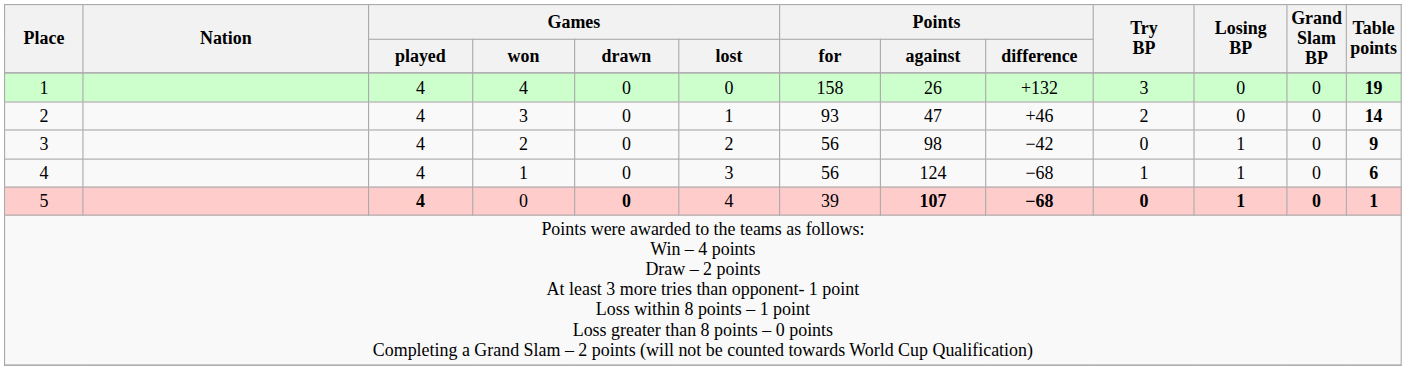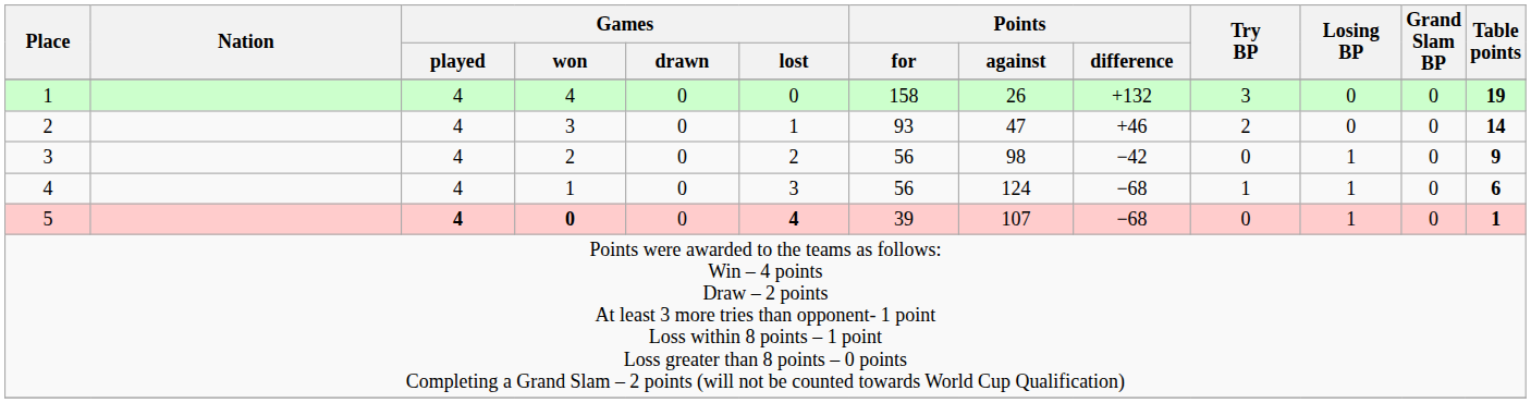 <table class="wikitable">
 <tr>
 <th rowspan=2 width="6%">Place</th>
 <th rowspan=2 width="23%">Nation</th>
 <th colspan=4 width="40%">Games</th>
 <th colspan=3 width="24%">Points</th>
 <th rowspan=2 width="8%">Try<br>BP</th>
 <th rowspan=2 width="8%">Losing<br>BP</th>
 <th rowspan=2 width="8%">Grand Slam<br>BP</th>
 <th rowspan=2 width="10%">Table<br>points</th>
 </tr>
 <tr>
 <th width="8%">played</th>
 <th width="8%">won</th>
 <th width="8%">drawn</th>
 <th width="8%">lost</th>
 <th width="8%">for</th>
 <th width="8%">against</th>
 <th width="8%">difference</th>
 </tr>
 <tr>
 </tr>
 <tr align=center bgcolor=ccffcc>
 <td>1</td>
 <td align=left></td>
 <td>4</td>
 <td>4</td>
 <td>0</td>
 <td>0</td>
 <td>158</td>
 <td>26</td>
 <td>+132</td>
 <td>3</td>
 <td>0</td>
 <td>0</td>
 <td><strong>19</strong></td>
 </tr>
 <tr align=center>
 <td>2</td>
 <td align=left></td>
 <td>4</td>
 <td>3</td>
 <td>0</td>
 <td>1</td>
 <td>93</td>
 <td>47</td>
 <td>+46</td>
 <td>2</td>
 <td>0</td>
 <td>0</td>
 <td><strong>14</strong></td>
 </tr>
 <tr align=center>
 <td>3</td>
 <td align=left></td>
 <td>4</td>
 <td>2</td>
 <td>0</td>
 <td>2</td>
 <td>56</td>
 <td>98</td>
 <td>−42</td>
 <td>0</td>
 <td>1</td>
 <td>0</td>
 <td><strong>9</strong></td>
 </tr>
 <tr align=center>
 <td>4</td>
 <td align=left></td>
 <td>4</td>
 <td>1</td>
 <td>0</td>
 <td>3</td>
 <td>56</td>
 <td>124</td>
 <td>−68</td>
 <td>1</td>
 <td>1</td>
 <td>0</td>
 <td><strong>6</strong></td>
 </tr>
 <tr align=center bgcolor="#ffcccc">
 <td>5</td>
 <td align=left></td>
 <td><strong>4</strong></td>
+<td><strong>0</strong></td>
 <td>0</td>
-<td><strong>0</strong></td>
-<td>4</td>
+<td><strong>4</strong></td>
 <td>39</td>
-<td><strong>107</strong></td>
-<td><strong>−68</strong></td>
-<td><strong>0</strong></td>
-<td><strong>1</strong></td>
-<td><strong>0</strong></td>
+<td>107</td>
+<td>−68</td>
+<td>0</td>
+<td>1</td>
+<td>0</td>
 <td><strong>1</strong></td>
 </tr>
 <tr>
 <td colspan="100%" style="text-align:center;">Points were awarded to the teams as follows:<br>Win – 4 points<br>Draw – 2 points<br> At least 3 more tries than opponent- 1 point<br> Loss within 8 points – 1 point<br>Loss greater than 8 points – 0 points<br>Completing a Grand Slam – 2 points (will not be counted towards World Cup Qualification)</td>
 </tr>
 <tr>
 </tr>
 </table>
